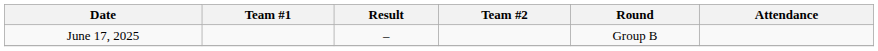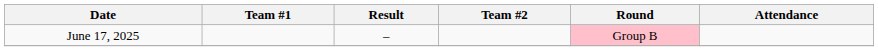 <table class="wikitable" style="text-align:left; width:85%;">
 <tr>
 <th>Date</th>
 <th>Team #1</th>
 <th>Result</th>
 <th>Team #2</th>
 <th>Round</th>
 <th>Attendance</th>
 </tr>
 <tr>
 <td style="text-align:center;">June 17, 2025</td>
 <td></td>
 <td style="text-align:center;">–</td>
 <td></td>
-<td style="text-align:center;">Group B</td>
+<td style="background: pink; text-align:center;">Group B</td>
 <td style="text-align:center;"></td>
 </tr>
 <tr>
 </tr>
 </table>
